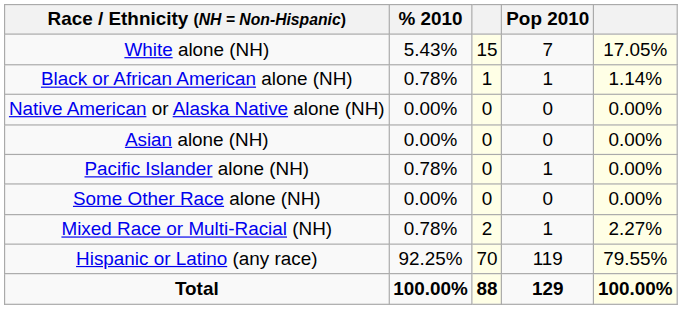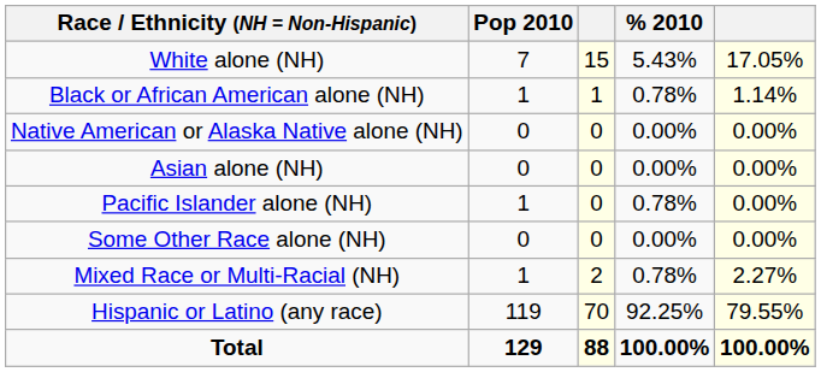 <table class="wikitable" style="text-align:center;">
 <tr>
 <th>Race / Ethnicity <small>(<em>NH = Non-Hispanic</em>)</small></th>
+<th>Pop 2010</th>
+<th></th>
 <th>% 2010</th>
-<th></th>
-<th>Pop 2010</th>
 <th></th>
 </tr>
 <tr>
 <td><a href='#'>White</a> alone (NH)</td>
+<td>7</td>
+<td style='background: #ffffe6;'>15</td>
 <td>5.43%</td>
-<td style='background: #ffffe6;'>15</td>
-<td>7</td>
 <td style='background: #ffffe6;'>17.05%</td>
 </tr>
 <tr>
 <td><a href='#'>Black or African American</a> alone (NH)</td>
+<td>1</td>
+<td style='background: #ffffe6;'>1</td>
 <td>0.78%</td>
-<td style='background: #ffffe6;'>1</td>
-<td>1</td>
 <td style='background: #ffffe6;'>1.14%</td>
 </tr>
 <tr>
 <td><a href='#'>Native American</a> or <a href='#'>Alaska Native</a> alone (NH)</td>
+<td>0</td>
+<td style='background: #ffffe6;'>0</td>
 <td>0.00%</td>
-<td style='background: #ffffe6;'>0</td>
-<td>0</td>
 <td style='background: #ffffe6;'>0.00%</td>
 </tr>
 <tr>
 <td><a href='#'>Asian</a> alone (NH)</td>
+<td>0</td>
+<td style='background: #ffffe6;'>0</td>
 <td>0.00%</td>
-<td style='background: #ffffe6;'>0</td>
-<td>0</td>
 <td style='background: #ffffe6;'>0.00%</td>
 </tr>
 <tr>
 <td><a href='#'>Pacific Islander</a> alone (NH)</td>
+<td>1</td>
+<td style='background: #ffffe6;'>0</td>
 <td>0.78%</td>
-<td style='background: #ffffe6;'>0</td>
-<td>1</td>
 <td style='background: #ffffe6;'>0.00%</td>
 </tr>
 <tr>
 <td><a href='#'>Some Other Race</a> alone (NH)</td>
+<td>0</td>
+<td style='background: #ffffe6;'>0</td>
 <td>0.00%</td>
-<td style='background: #ffffe6;'>0</td>
-<td>0</td>
 <td style='background: #ffffe6;'>0.00%</td>
 </tr>
 <tr>
 <td><a href='#'>Mixed Race or Multi-Racial</a> (NH)</td>
+<td>1</td>
+<td style='background: #ffffe6;'>2</td>
 <td>0.78%</td>
-<td style='background: #ffffe6;'>2</td>
-<td>1</td>
 <td style='background: #ffffe6;'>2.27%</td>
 </tr>
 <tr>
 <td><a href='#'>Hispanic or Latino</a> (any race)</td>
+<td>119</td>
+<td style='background: #ffffe6;'>70</td>
 <td>92.25%</td>
-<td style='background: #ffffe6;'>70</td>
-<td>119</td>
 <td style='background: #ffffe6;'>79.55%</td>
 </tr>
 <tr>
 <td><strong>Total</strong></td>
+<td><strong>129</strong></td>
+<td style='background: #ffffe6;'><strong>88</strong></td>
 <td><strong>100.00%</strong></td>
-<td style='background: #ffffe6;'><strong>88</strong></td>
-<td><strong>129</strong></td>
 <td style='background: #ffffe6;'><strong>100.00%</strong></td>
 </tr>
 </table>
